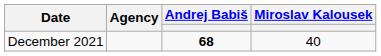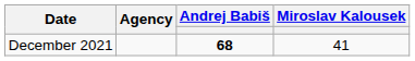 <table class="wikitable" style=text-align:center;font-size:85%;line-height:14px;">
 <tr>
 <th rowspan="2">Date</th>
 <th rowspan="2">Agency</th>
 <th><a href='#'>Andrej Babiš</a></th>
 <th><a href='#'>Miroslav Kalousek</a></th>
 </tr>
 <tr>
 <th style="background:"></th>
 <th style="background:"></th>
 </tr>
 <tr>
 <td>December 2021</td>
 <td></td>
 <td><strong>68</strong></td>
-<td>40</td>
+<td>41</td>
 </tr>
 </table>
